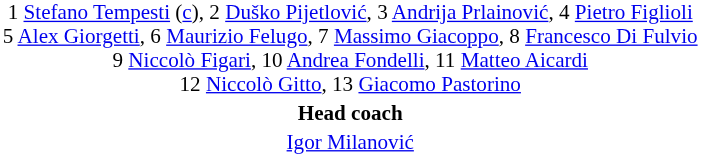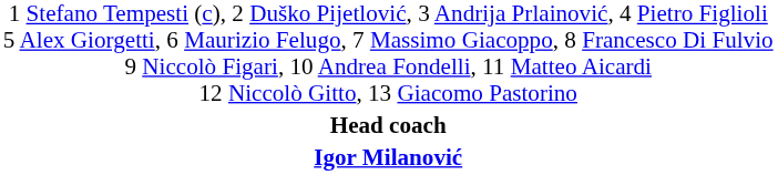 <table style="text-align: center; margin-top: 2em; margin-left: auto; margin-right: auto">
 <tr>
 <td>1 <a href='#'>Stefano Tempesti</a> (<a href='#'>c</a>), 2 <a href='#'>Duško Pijetlović</a>, 3 <a href='#'>Andrija Prlainović</a>, 4 <a href='#'>Pietro Figlioli</a><br>5 <a href='#'>Alex Giorgetti</a>, 6 <a href='#'>Maurizio Felugo</a>, 7 <a href='#'>Massimo Giacoppo</a>, 8 <a href='#'>Francesco Di Fulvio</a><br>9 <a href='#'>Niccolò Figari</a>, 10 <a href='#'>Andrea Fondelli</a>, 11 <a href='#'>Matteo Aicardi</a><br>12 <a href='#'>Niccolò Gitto</a>, 13 <a href='#'>Giacomo Pastorino</a></td>
 </tr>
 <tr>
 <td><strong>Head coach</strong></td>
 </tr>
 <tr>
-<td><a href='#'>Igor Milanović</a></td>
+<td><strong><a href='#'>Igor Milanović</a></strong></td>
 </tr>
 </table>
